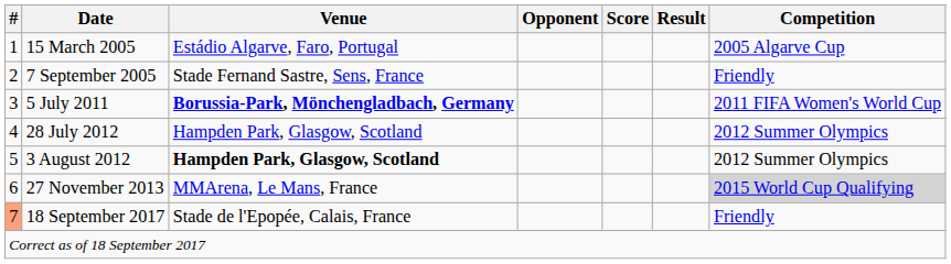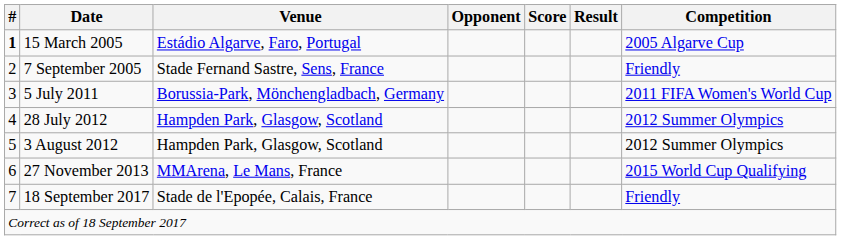 <table class="wikitable">
 <tr>
 <th>#</th>
 <th>Date</th>
 <th>Venue</th>
 <th>Opponent</th>
 <th>Score</th>
 <th>Result</th>
 <th>Competition</th>
 </tr>
 <tr>
-<td>1</td>
+<td><strong>1</strong></td>
 <td>15 March 2005</td>
 <td><a href='#'>Estádio Algarve</a>, <a href='#'>Faro</a>, <a href='#'>Portugal</a></td>
 <td></td>
 <td></td>
 <td></td>
 <td><a href='#'>2005 Algarve Cup</a></td>
 </tr>
 <tr>
 <td>2</td>
 <td>7 September 2005</td>
 <td>Stade Fernand Sastre, <a href='#'>Sens</a>, <a href='#'>France</a></td>
 <td></td>
 <td></td>
 <td></td>
 <td><a href='#'>Friendly</a></td>
 </tr>
 <tr>
 <td>3</td>
 <td>5 July 2011</td>
-<td><strong><a href='#'>Borussia-Park</a>, <a href='#'>Mönchengladbach</a>, <a href='#'>Germany</a></strong></td>
+<td><a href='#'>Borussia-Park</a>, <a href='#'>Mönchengladbach</a>, <a href='#'>Germany</a></td>
 <td></td>
 <td></td>
 <td></td>
 <td><a href='#'>2011 FIFA Women's World Cup</a></td>
 </tr>
 <tr>
 <td>4</td>
 <td>28 July 2012</td>
 <td><a href='#'>Hampden Park</a>, <a href='#'>Glasgow</a>, <a href='#'>Scotland</a></td>
 <td></td>
 <td></td>
 <td></td>
 <td><a href='#'>2012 Summer Olympics</a></td>
 </tr>
 <tr>
 <td>5</td>
 <td>3 August 2012</td>
-<td><strong>Hampden Park, Glasgow, Scotland</strong></td>
+<td>Hampden Park, Glasgow, Scotland</td>
 <td></td>
 <td></td>
 <td></td>
 <td>2012 Summer Olympics</td>
 </tr>
 <tr>
 <td>6</td>
 <td>27 November 2013</td>
 <td><a href='#'>MMArena</a>, <a href='#'>Le Mans</a>, France</td>
 <td></td>
 <td></td>
 <td></td>
-<td style="background: lightgrey;"><a href='#'>2015 World Cup Qualifying</a></td>
+<td><a href='#'>2015 World Cup Qualifying</a></td>
 </tr>
 <tr>
-<td style="background: lightsalmon;">7</td>
+<td>7</td>
 <td>18 September 2017</td>
 <td>Stade de l'Epopée, Calais, France</td>
 <td></td>
 <td></td>
 <td></td>
 <td><a href='#'>Friendly</a></td>
 </tr>
 <tr>
 <td colspan="12"><small><em>Correct as of 18 September 2017</em></small></td>
 </tr>
 </table>
